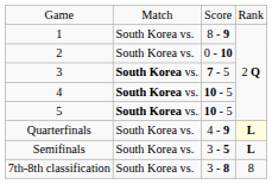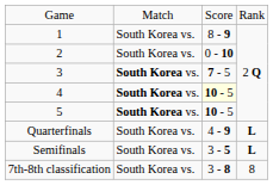 <table class="wikitable">
 <tr>
 <td style="text-align:center;">Game</td>
 <td style="text-align:center;">Match</td>
 <td style="text-align:center;">Score</td>
 <td style="text-align:center;">Rank</td>
 </tr>
 <tr>
 <td style="text-align:center;">1</td>
 <td>South Korea vs. <strong></strong></td>
 <td style="text-align:center;">8 - <strong>9</strong></td>
 <td rowspan="5" style="text-align:center;">2 <strong>Q</strong></td>
 </tr>
 <tr>
 <td style="text-align:center;">2</td>
 <td>South Korea vs. <strong></strong></td>
 <td style="text-align:center;">0 - <strong>10</strong></td>
 </tr>
 <tr>
 <td style="text-align:center;">3</td>
 <td><strong>South Korea</strong> vs. </td>
 <td style="text-align:center;"><strong>7</strong> - 5</td>
 </tr>
 <tr>
 <td style="text-align:center;">4</td>
 <td><strong>South Korea</strong> vs. </td>
-<td style="text-align:center;"><strong>10</strong> - 5</td>
+<td style="background: lightyellow; text-align:center;"><strong>10</strong> - 5</td>
 </tr>
 <tr>
 <td style="text-align:center;">5</td>
 <td><strong>South Korea</strong> vs. </td>
 <td style="text-align:center;"><strong>10</strong> - 5</td>
 </tr>
 <tr>
 <td style="text-align:center;">Quarterfinals</td>
 <td>South Korea vs. <strong></strong></td>
 <td style="text-align:center;">4 - <strong>9</strong></td>
-<td style="background: lightyellow; text-align:center;"><strong>L</strong></td>
+<td style="text-align:center;"><strong>L</strong></td>
 </tr>
 <tr>
 <td style="text-align:center;">Semifinals</td>
 <td>South Korea vs. </td>
 <td style="text-align:center;">3 - <strong>5</strong></td>
 <td style="text-align:center;"><strong>L</strong></td>
 </tr>
 <tr>
 <td style="text-align:center;">7th-8th classification</td>
 <td>South Korea vs. </td>
 <td style="text-align:center;">3 - <strong>8</strong></td>
 <td style="text-align:center;">8</td>
 </tr>
 </table>
